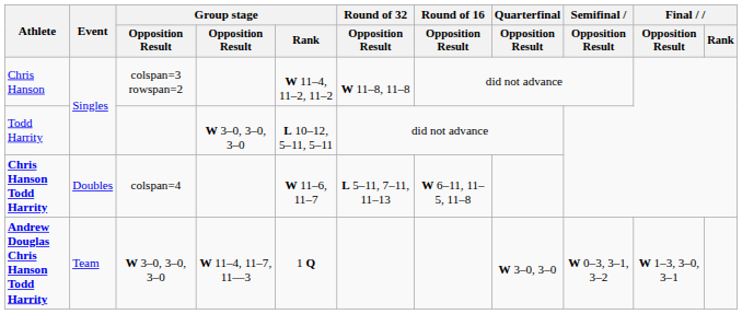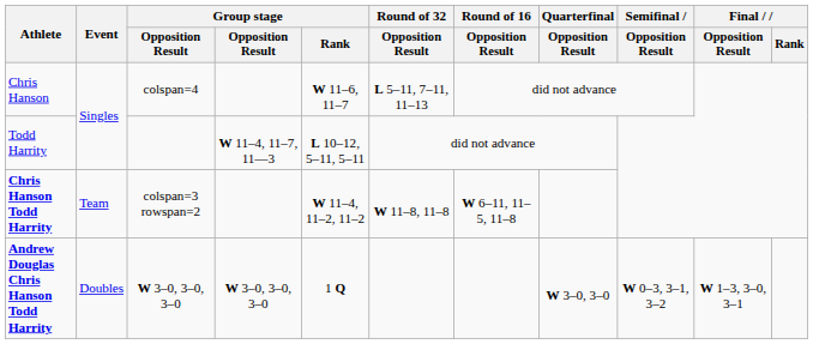 <table class=wikitable style=font-size:90%;text-align:center>
 <tr>
 <th rowspan=2>Athlete</th>
 <th rowspan=2>Event</th>
 <th colspan=3>Group stage</th>
 <th>Round of 32</th>
 <th>Round of 16</th>
 <th>Quarterfinal</th>
 <th>Semifinal / </th>
 <th colspan=2>Final /  / </th>
 </tr>
 <tr style=font-size:95%>
 <th>Opposition<br>Result</th>
 <th>Opposition<br>Result</th>
 <th>Rank</th>
 <th>Opposition<br>Result</th>
 <th>Opposition<br>Result</th>
 <th>Opposition<br>Result</th>
 <th>Opposition<br>Result</th>
 <th>Opposition<br>Result</th>
 <th>Rank</th>
 </tr>
 <tr>
 <td align=left><a href='#'>Chris Hanson</a></td>
 <td align=left rowspan=2><a href='#'>Singles</a></td>
-<td>colspan=3 rowspan=2 </td>
+<td>colspan=4 </td>
 <td></td>
-<td><br><strong>W</strong> 11–4, 11–2, 11–2</td>
-<td><br><strong>W</strong> 11–8, 11–8</td>
+<td><br><strong>W</strong> 11–6, 11–7</td>
+<td><br><strong>L</strong> 5–11, 7–11, 11–13</td>
 <td colspan=3>did not advance</td>
 </tr>
 <tr>
 <td align=left><a href='#'>Todd Harrity</a></td>
 <td></td>
-<td><br><strong>W</strong> 3–0, 3–0, 3–0</td>
+<td><br><strong>W</strong> 11–4, 11–7, 11—3</td>
 <td><br><strong>L</strong> 10–12, 5–11, 5–11</td>
 <td colspan=3>did not advance</td>
 </tr>
 <tr>
 <td align=left><strong><a href='#'>Chris Hanson</a><br><a href='#'>Todd Harrity</a></strong></td>
-<td align=left><a href='#'>Doubles</a></td>
-<td>colspan=4 </td>
+<td align=left><a href='#'>Team</a></td>
+<td>colspan=3 rowspan=2 </td>
 <td></td>
-<td><br><strong>W</strong> 11–6, 11–7</td>
-<td><br><strong>L</strong> 5–11, 7–11, 11–13</td>
+<td><br><strong>W</strong> 11–4, 11–2, 11–2</td>
+<td><br><strong>W</strong> 11–8, 11–8</td>
 <td><br><strong>W</strong> 6–11, 11–5, 11–8</td>
 <td></td>
 </tr>
 <tr>
 <td align=left><strong><a href='#'>Andrew Douglas</a><br><a href='#'>Chris Hanson</a><br><a href='#'>Todd Harrity</a></strong></td>
-<td align=left><a href='#'>Team</a></td>
+<td align=left><a href='#'>Doubles</a></td>
 <td><br><strong>W</strong> 3–0, 3–0, 3–0</td>
-<td><br><strong>W</strong> 11–4, 11–7, 11—3</td>
+<td><br><strong>W</strong> 3–0, 3–0, 3–0</td>
 <td>1 <strong>Q</strong></td>
 <td></td>
 <td></td>
 <td><br><strong>W</strong> 3–0, 3–0</td>
 <td><br><strong>W</strong> 0–3, 3–1, 3–2</td>
 <td><br><strong>W</strong> 1–3, 3–0, 3–1</td>
 <td></td>
 </tr>
 </table>
